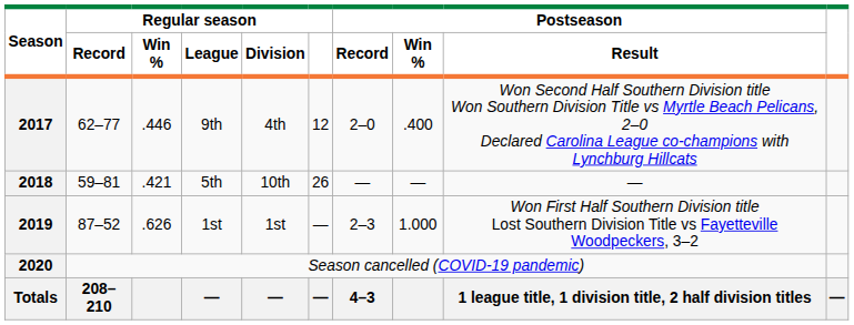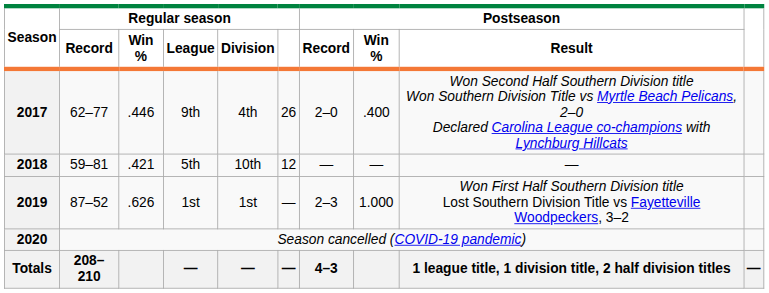 <table class="wikitable sortable plainrowheaders" style="margin: 1em auto 1em auto; text-align:center;">
 <tr>
 <th rowspan="2" scope="col" style="background-color:#ffffff; border-top:#00833F 5px solid; border-bottom:#F47836 5px solid">Season</th>
 <th colspan="5" scope="col" style="background-color:#ffffff; border-top:#00833F 5px solid; 5px solid">Regular season</th>
 <th colspan="3" scope="col" style="background-color:#ffffff; border-top:#00833F 5px solid; 5px solid">Postseason</th>
 <th rowspan="2" scope="col" class="unsortable" style="background-color:#ffffff; border-top:#00833F 5px solid; border-bottom:#F47836 5px solid"></th>
 </tr>
 <tr>
 <th scope="col" style="background-color:#ffffff; border-bottom:#F47836 5px solid">Record</th>
 <th scope="col" style="background-color:#ffffff; border-bottom:#F47836 5px solid">Win %</th>
 <th scope="col" style="background-color:#ffffff; border-bottom:#F47836 5px solid">League</th>
 <th scope="col" style="background-color:#ffffff; border-bottom:#F47836 5px solid">Division</th>
 <th scope="col" style="background-color:#ffffff; border-bottom:#F47836 5px solid"></th>
 <th scope="col" style="background-color:#ffffff; border-bottom:#F47836 5px solid">Record</th>
 <th scope="col" style="background-color:#ffffff; border-bottom:#F47836 5px solid">Win %</th>
 <th scope="col" class="unsortable" style="background-color:#ffffff; border-bottom:#F47836 5px solid">Result</th>
 </tr>
 <tr>
 <th scope="row" style="text-align:center">2017</th>
 <td>62–77</td>
 <td>.446</td>
 <td>9th</td>
 <td>4th</td>
-<td>12</td>
+<td>26</td>
 <td>2–0</td>
 <td>.400</td>
 <td><em>Won Second Half Southern Division title</em><br><em>Won Southern Division Title vs <a href='#'>Myrtle Beach Pelicans</a>, 2–0</em><br><em>Declared <a href='#'>Carolina League co-champions</a> with <a href='#'>Lynchburg Hillcats</a></em></td>
 <td></td>
 </tr>
 <tr>
 <th scope="row" style="text-align:center">2018</th>
 <td>59–81</td>
 <td>.421</td>
 <td>5th</td>
 <td>10th</td>
-<td>26</td>
+<td>12</td>
 <td>—</td>
 <td>—</td>
 <td>—</td>
 <td></td>
 </tr>
 <tr>
 <th scope="row" style="text-align:center">2019</th>
 <td>87–52</td>
 <td>.626</td>
 <td>1st</td>
 <td>1st</td>
 <td>—</td>
 <td>2–3</td>
 <td>1.000</td>
 <td><em>Won First Half Southern Division title</em><br>Lost Southern Division Title vs <a href='#'>Fayetteville Woodpeckers</a>, 3–2</td>
 <td></td>
 </tr>
 <tr>
 <th scope="row" style="text-align:center">2020</th>
 <td colspan="8"><em>Season cancelled (<a href='#'>COVID-19 pandemic</a>)</em></td>
 <td></td>
 </tr>
 <tr>
 <th scope="row" style="text-align:center"><strong>Totals</strong></th>
 <th>208–210</th>
 <th></th>
 <th>—</th>
 <th>—</th>
 <th>—</th>
 <th>4–3</th>
 <th></th>
 <th>1 league title, 1 division title, 2 half division titles</th>
 <th>—</th>
 </tr>
 </table>
